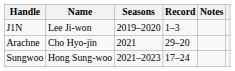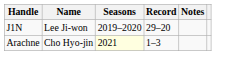 <table class="wikitable">
 <tr>
 <th style="background:#">Handle</th>
 <th style="background:#">Name</th>
 <th style="background:#">Seasons</th>
 <th style="background:#">Record</th>
 <th style="background:#">Notes</th>
 <th style="background:#"></th>
 </tr>
 <tr>
 <td>J1N</td>
 <td>Lee Ji-won</td>
 <td>2019–2020</td>
-<td>1–3 </td>
+<td>29–20 </td>
 <td></td>
 <td></td>
 </tr>
 <tr>
 <td>Arachne</td>
 <td>Cho Hyo-jin</td>
-<td>2021</td>
-<td>29–20 </td>
-<td></td>
-<td></td>
-</tr>
-<tr>
-<td>Sungwoo</td>
-<td>Hong Sung-woo</td>
-<td>2021–2023</td>
-<td>17–24 </td>
+<td style="background: lightyellow;">2021</td>
+<td>1–3 </td>
 <td></td>
 <td></td>
 </tr>
 </table>
